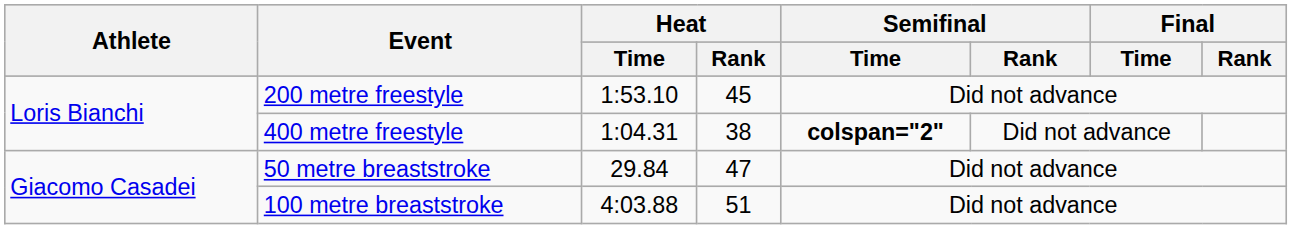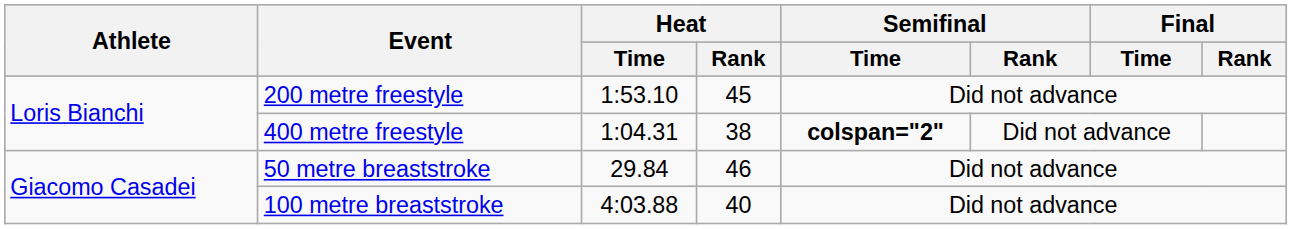 <table class="wikitable" style="text-align:center; font-size:90%; width:50%;">
 <tr>
 <th rowspan="2">Athlete</th>
 <th rowspan="2">Event</th>
 <th colspan="2">Heat</th>
 <th colspan="2">Semifinal</th>
 <th colspan="2">Final</th>
 </tr>
 <tr style="font-size:95%">
 <th>Time</th>
 <th>Rank</th>
 <th>Time</th>
 <th>Rank</th>
 <th>Time</th>
 <th>Rank</th>
 </tr>
 <tr>
 <td align=left rowspan=2><a href='#'>Loris Bianchi</a></td>
 <td align=left><a href='#'>200 metre freestyle</a></td>
 <td>1:53.10</td>
 <td>45</td>
 <td colspan=4>Did not advance</td>
 </tr>
 <tr>
 <td align=left><a href='#'>400 metre freestyle</a></td>
 <td>1:04.31</td>
 <td>38</td>
 <td><strong>colspan="2" </strong></td>
 <td colspan="2">Did not advance</td>
 </tr>
 <tr>
 <td align=left rowspan=2><a href='#'>Giacomo Casadei</a></td>
 <td align=left><a href='#'>50 metre breaststroke</a></td>
 <td>29.84</td>
-<td>47</td>
+<td>46</td>
 <td colspan=4>Did not advance</td>
 </tr>
 <tr>
 <td align=left><a href='#'>100 metre breaststroke</a></td>
 <td>4:03.88</td>
-<td>51</td>
+<td>40</td>
 <td colspan=4>Did not advance</td>
 </tr>
 </table>
